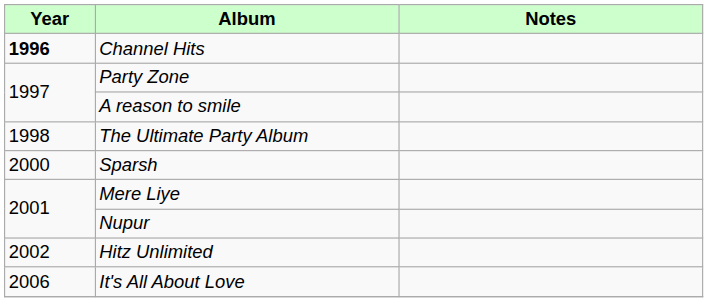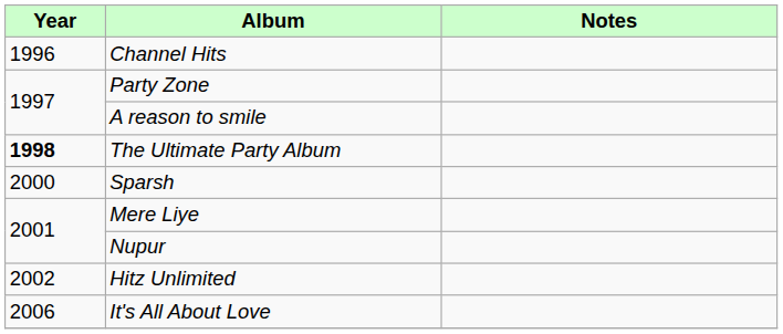 <table class="wikitable">
 <tr style="background:#cfc; text-align:center;">
 <td ! scope="col" style="width:5%;"><strong>Year</strong></td>
 <td ! scope="col" style="width:20%;"><strong>Album</strong></td>
 <td ! scope="col" style="width:20%;"><strong>Notes</strong></td>
 </tr>
 <tr>
-<td><strong>1996</strong></td>
+<td>1996</td>
 <td><em>Channel Hits</em></td>
 <td></td>
 </tr>
 <tr>
 <td rowspan="2">1997</td>
 <td><em>Party Zone</em></td>
 <td></td>
 </tr>
 <tr>
 <td><em>A reason to smile</em></td>
 <td></td>
 </tr>
 <tr>
-<td>1998</td>
+<td><strong>1998</strong></td>
 <td><em>The Ultimate Party Album</em></td>
 <td></td>
 </tr>
 <tr>
 <td>2000</td>
 <td><em>Sparsh</em></td>
 <td></td>
 </tr>
 <tr>
 <td rowspan="2">2001</td>
 <td><em>Mere Liye</em></td>
 <td></td>
 </tr>
 <tr>
 <td><em>Nupur</em></td>
 <td></td>
 </tr>
 <tr>
 <td>2002</td>
 <td><em>Hitz Unlimited</em></td>
 <td></td>
 </tr>
 <tr>
 <td>2006</td>
 <td><em>It's All About Love</em></td>
 <td></td>
 </tr>
 <tr>
 </tr>
 </table>
